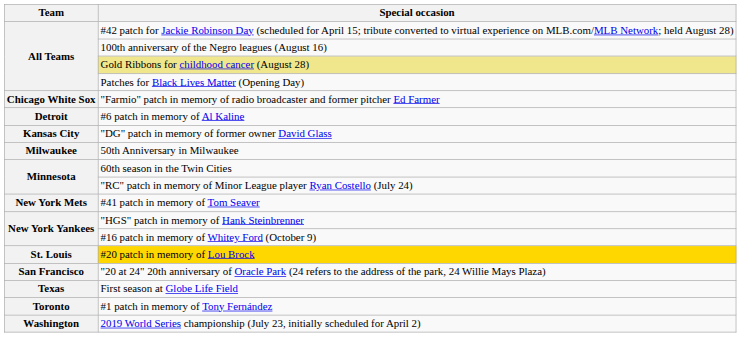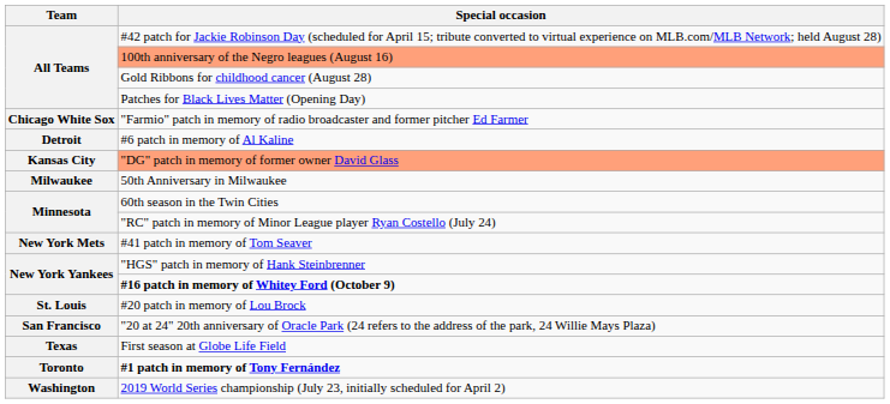 <table class="wikitable plainrowheaders">
 <tr>
 <th scope="col">Team</th>
 <th scope="col">Special occasion</th>
 </tr>
 <tr>
 <th scope="row" rowspan=4>All Teams</th>
 <td>#42 patch for <a href='#'>Jackie Robinson Day</a> (scheduled for April 15; tribute converted to virtual experience on MLB.com/<a href='#'>MLB Network</a>; held August 28)</td>
 </tr>
 <tr>
-<td>100th anniversary of the Negro leagues (August 16)</td>
+<td style="background: lightsalmon;">100th anniversary of the Negro leagues (August 16)</td>
 </tr>
 <tr>
-<td style="background: khaki;">Gold Ribbons for <a href='#'>childhood cancer</a> (August 28)</td>
+<td>Gold Ribbons for <a href='#'>childhood cancer</a> (August 28)</td>
 </tr>
 <tr>
 <td>Patches for <a href='#'>Black Lives Matter</a> (Opening Day)</td>
 </tr>
 <tr>
 <th scope="row">Chicago White Sox</th>
 <td>"Farmio" patch in memory of radio broadcaster and former pitcher <a href='#'>Ed Farmer</a></td>
 </tr>
 <tr>
 <th scope="row">Detroit</th>
 <td>#6 patch in memory of <a href='#'>Al Kaline</a></td>
 </tr>
 <tr>
 <th scope="row">Kansas City</th>
-<td>"DG" patch in memory of former owner <a href='#'>David Glass</a></td>
+<td style="background: lightsalmon;">"DG" patch in memory of former owner <a href='#'>David Glass</a></td>
 </tr>
 <tr>
 <th scope="row">Milwaukee</th>
 <td>50th Anniversary in Milwaukee</td>
 </tr>
 <tr>
 <th scope="row" rowspan=2>Minnesota</th>
 <td>60th season in the Twin Cities</td>
 </tr>
 <tr>
 <td>"RC" patch in memory of Minor League player <a href='#'>Ryan Costello</a> (July 24)</td>
 </tr>
 <tr>
 <th scope="row">New York Mets</th>
 <td>#41 patch in memory of <a href='#'>Tom Seaver</a></td>
 </tr>
 <tr>
 <th scope="row" rowspan=2>New York Yankees</th>
 <td>"HGS" patch in memory of <a href='#'>Hank Steinbrenner</a></td>
 </tr>
 <tr>
-<td>#16 patch in memory of <a href='#'>Whitey Ford</a> (October 9)</td>
+<td><strong>#16 patch in memory of <a href='#'>Whitey Ford</a> (October 9)</strong></td>
 </tr>
 <tr>
 <th scope="row">St. Louis</th>
-<td style="background: gold;">#20 patch in memory of <a href='#'>Lou Brock</a></td>
+<td>#20 patch in memory of <a href='#'>Lou Brock</a></td>
 </tr>
 <tr>
 <th scope="row">San Francisco</th>
 <td>"20 at 24" 20th anniversary of <a href='#'>Oracle Park</a> (24 refers to the address of the park, 24 Willie Mays Plaza)</td>
 </tr>
 <tr>
 <th scope="row">Texas</th>
 <td>First season at <a href='#'>Globe Life Field</a></td>
 </tr>
 <tr>
 <th scope="row">Toronto</th>
-<td>#1 patch in memory of <a href='#'>Tony Fernández</a></td>
+<td><strong>#1 patch in memory of <a href='#'>Tony Fernández</a></strong></td>
 </tr>
 <tr>
 <th scope="row">Washington</th>
 <td><a href='#'>2019 World Series</a> championship (July 23, initially scheduled for April 2)</td>
 </tr>
 </table>
